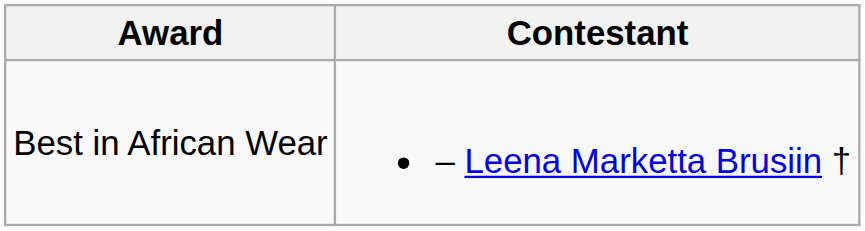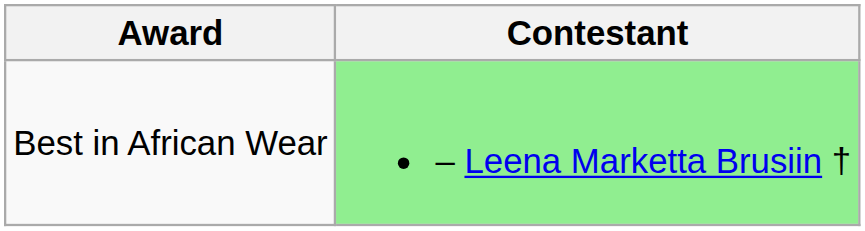 <table class="wikitable sortable" style="font-size: 95%;">
 <tr>
 <th>Award</th>
 <th>Contestant</th>
 </tr>
 <tr>
 <td>Best in African Wear</td>
-<td><br><ul><li> – <a href='#'>Leena Marketta Brusiin</a> †</li></ul></td>
+<td style="background: lightgreen;"><br><ul><li> – <a href='#'>Leena Marketta Brusiin</a> †</li></ul></td>
 </tr>
 </table>
